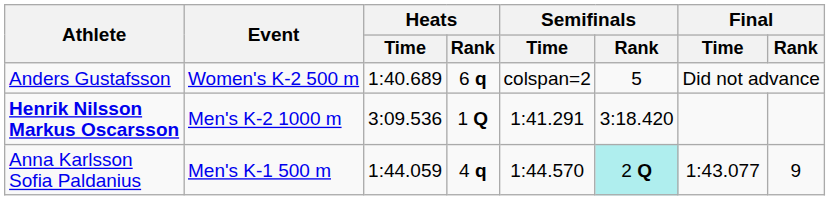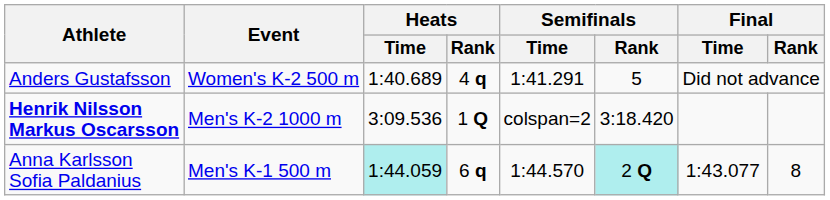 <table class="wikitable" style="font-size:90%">
 <tr>
 <th rowspan=2>Athlete</th>
 <th rowspan=2>Event</th>
 <th colspan=2>Heats</th>
 <th colspan=2>Semifinals</th>
 <th colspan=2>Final</th>
 </tr>
 <tr style="font-size:95%">
 <th>Time</th>
 <th>Rank</th>
 <th>Time</th>
 <th>Rank</th>
 <th>Time</th>
 <th>Rank</th>
 </tr>
 <tr align=center>
 <td align=left><a href='#'>Anders Gustafsson</a></td>
 <td align=left><a href='#'>Women's K-2 500 m</a></td>
 <td>1:40.689</td>
-<td>6 <strong>q</strong></td>
-<td>colspan=2 </td>
+<td>4 <strong>q</strong></td>
+<td>1:41.291</td>
 <td>5</td>
 <td colspan=2>Did not advance</td>
 </tr>
 <tr align=center>
 <td align=left><strong><a href='#'>Henrik Nilsson</a><br><a href='#'>Markus Oscarsson</a></strong></td>
 <td align=left><a href='#'>Men's K-2 1000 m</a></td>
 <td>3:09.536</td>
 <td>1 <strong>Q</strong></td>
-<td>1:41.291</td>
+<td>colspan=2 </td>
 <td>3:18.420</td>
 <td></td>
 </tr>
 <tr align=center>
 <td align=left><a href='#'>Anna Karlsson</a><br><a href='#'>Sofia Paldanius</a></td>
 <td align=left><a href='#'>Men's K-1 500 m</a></td>
-<td>1:44.059</td>
-<td>4 <strong>q</strong></td>
+<td style="background: paleturquoise;">1:44.059</td>
+<td>6 <strong>q</strong></td>
 <td>1:44.570</td>
 <td style="background: paleturquoise;">2 <strong>Q</strong></td>
 <td>1:43.077</td>
-<td>9</td>
+<td>8</td>
 </tr>
 </table>
